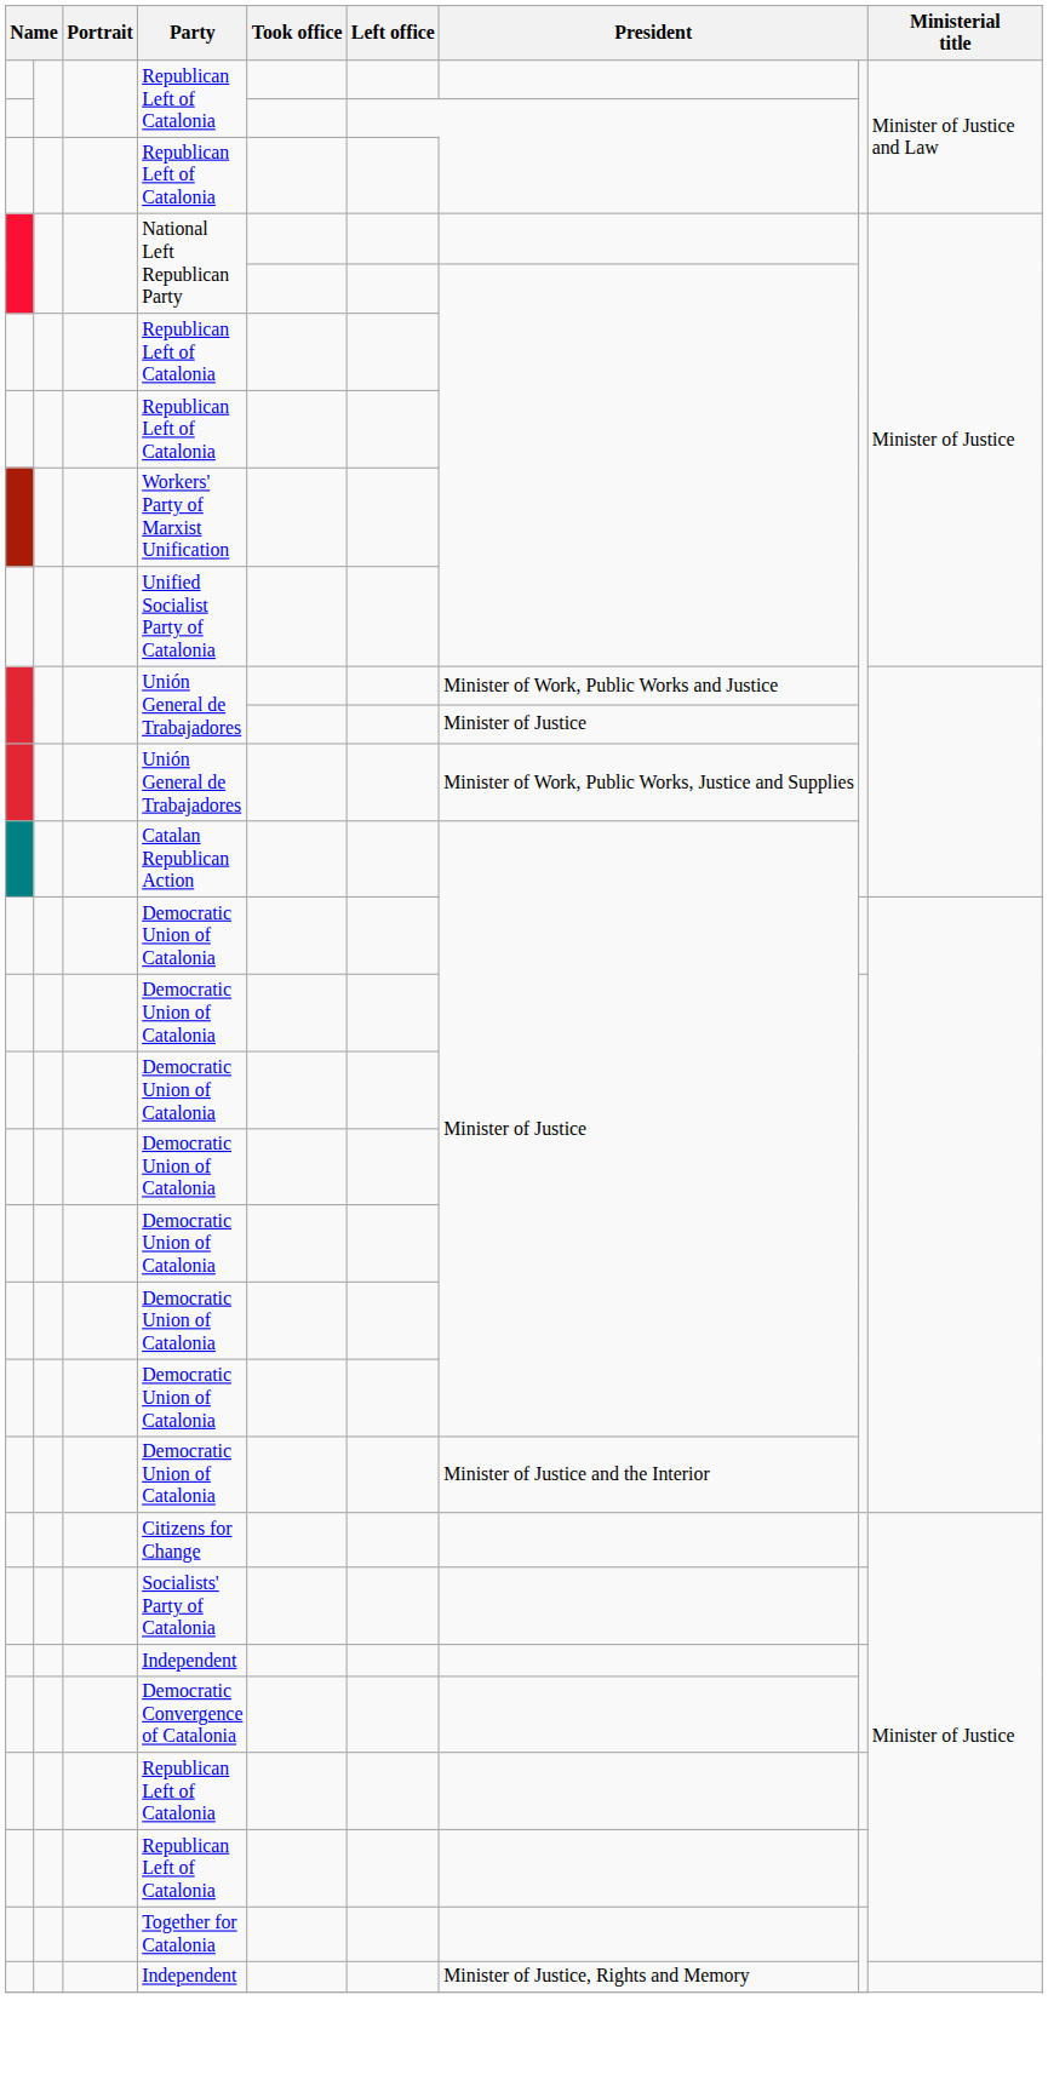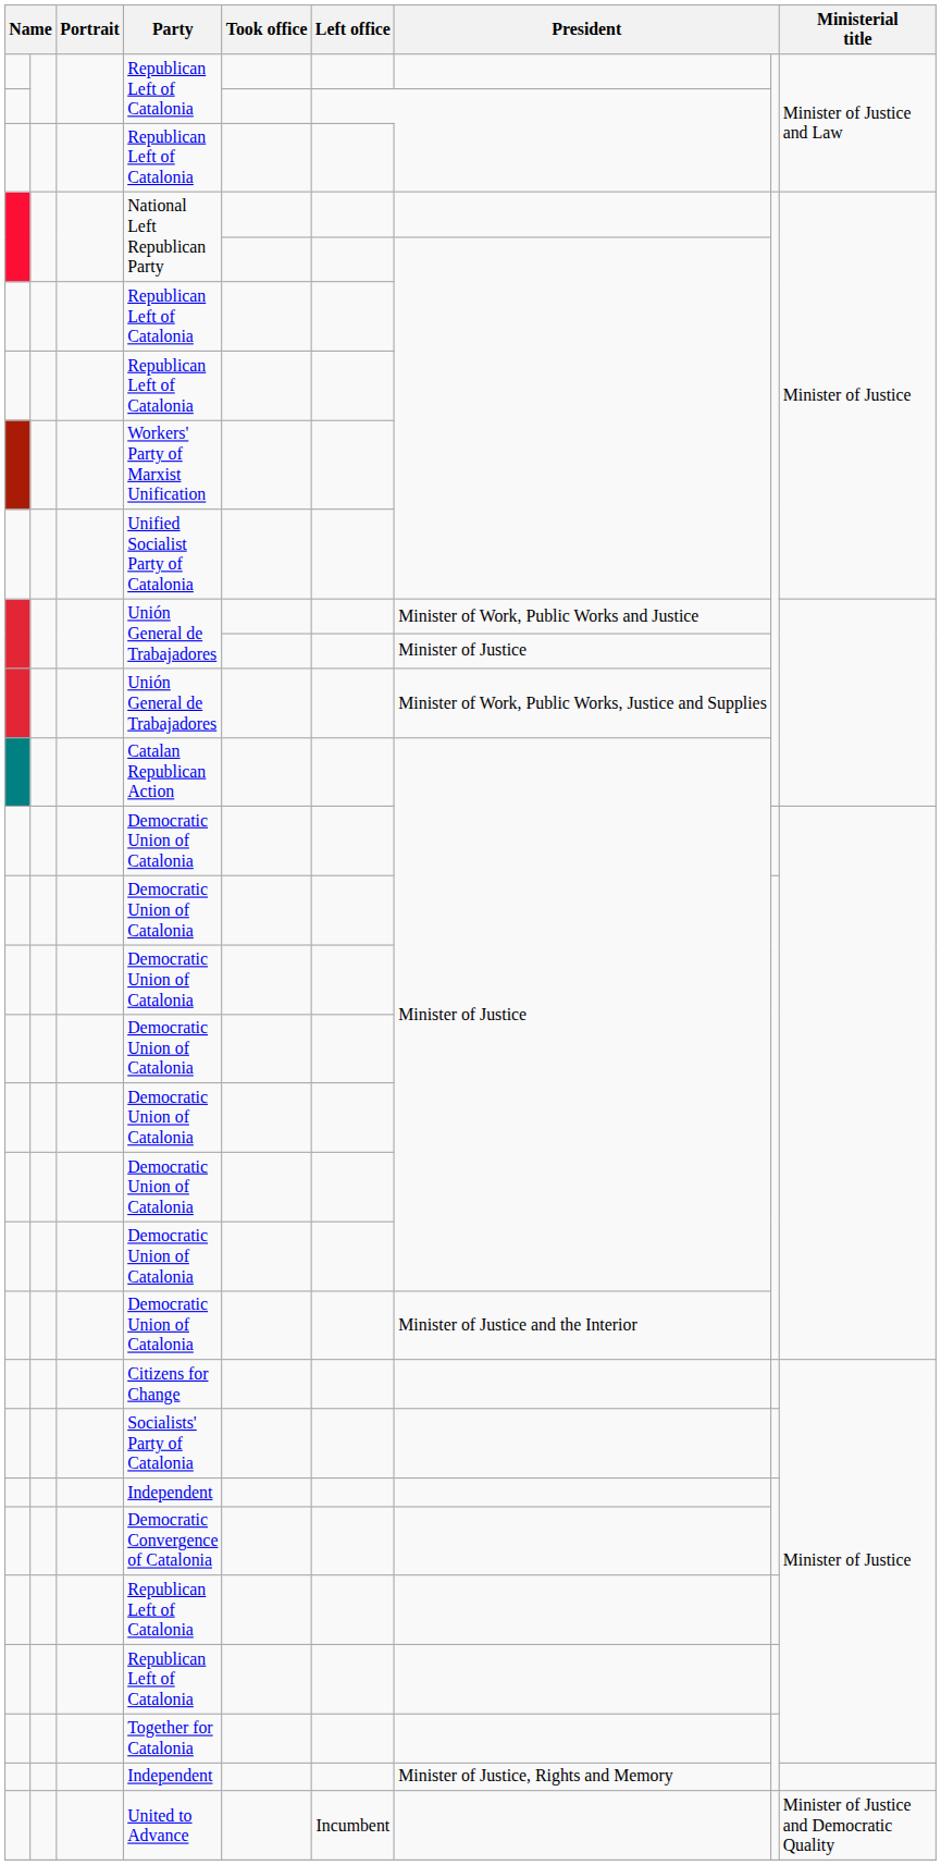 <table class="wikitable plainrowheaders sortable" style="font-size:90%; text-align:left;">
 <tr>
 <th scope=col colspan="2">Name</th>
 <th scope=col class=unsortable>Portrait</th>
 <th scope=col width=50px>Party</th>
 <th scope=col>Took office</th>
 <th scope=col>Left office</th>
 <th scope=col colspan="2">President</th>
 <th width=125px>Ministerial<br>title</th>
 </tr>
 <tr>
 <td !align="center" style="background:"></td>
 <td rowspan=2></td>
 <td align=center rowspan=2></td>
 <td rowspan=2><a href='#'>Republican Left of Catalonia</a></td>
 <td align=center></td>
 <td align=center></td>
 <td !align="center" style="background:"></td>
 <td rowspan=3></td>
 <td rowspan=3>Minister of Justice and Law</td>
 </tr>
 <tr>
 <td align=center></td>
 <td align=center></td>
 </tr>
 <tr>
 <td !align="center" style="background:"></td>
 <td></td>
 <td align=center></td>
 <td><a href='#'>Republican Left of Catalonia</a></td>
 <td align=center></td>
 <td align=center></td>
 </tr>
 <tr>
 <td !align="center" bgcolor="#fd0e35" rowspan=2></td>
 <td rowspan=2></td>
 <td align=center  rowspan=2></td>
 <td rowspan=2>National Left Republican Party</td>
 <td align=center></td>
 <td align=center></td>
 <td !align="center" style="background:"></td>
 <td rowspan=10></td>
 <td rowspan=6>Minister of Justice</td>
 </tr>
 <tr>
 <td align=center></td>
 <td align=center></td>
 </tr>
 <tr>
 <td !align="center" style="background:"></td>
 <td></td>
 <td align=center></td>
 <td><a href='#'>Republican Left of Catalonia</a></td>
 <td align=center></td>
 <td align=center></td>
 </tr>
 <tr>
 <td !align="center" style="background:"></td>
 <td></td>
 <td align=center></td>
 <td><a href='#'>Republican Left of Catalonia</a></td>
 <td align=center></td>
 <td align=center></td>
 </tr>
 <tr>
 <td !align="center" bgcolor="#a81c07"></td>
 <td></td>
 <td align=center></td>
 <td><a href='#'>Workers' Party of Marxist Unification</a></td>
 <td align=center></td>
 <td align=center></td>
 </tr>
 <tr>
 <td !align="center" style="background:"></td>
 <td></td>
 <td align=center></td>
 <td><a href='#'>Unified Socialist Party of Catalonia</a></td>
 <td align=center></td>
 <td align=center></td>
 </tr>
 <tr>
 <td !align="center" bgcolor="#e32636" rowspan=2></td>
 <td rowspan=2></td>
 <td align=center rowspan=2></td>
 <td rowspan=2><a href='#'>Unión General de Trabajadores</a></td>
 <td align=center></td>
 <td align=center></td>
 <td>Minister of Work, Public Works and Justice</td>
 </tr>
 <tr>
 <td align=center></td>
 <td align=center></td>
 <td>Minister of Justice</td>
 </tr>
 <tr>
 <td !align="center" bgcolor="#e32636"></td>
 <td></td>
 <td align=center></td>
 <td><a href='#'>Unión General de Trabajadores</a></td>
 <td align=center></td>
 <td align=center></td>
 <td>Minister of Work, Public Works, Justice and Supplies</td>
 </tr>
 <tr>
 <td !align="center" bgcolor="#008080"></td>
 <td></td>
 <td align=center></td>
 <td><a href='#'>Catalan Republican Action</a></td>
 <td align=center></td>
 <td align=center></td>
 <td rowspan=8>Minister of Justice</td>
 </tr>
 <tr>
 <td !align="center" style="background:"></td>
 <td></td>
 <td align=center></td>
 <td><a href='#'>Democratic Union of Catalonia</a></td>
 <td align=center></td>
 <td align=center></td>
 <td !align="center" style="background:"></td>
 <td rowspan=8></td>
 </tr>
 <tr>
 <td !align="center" style="background:"></td>
 <td></td>
 <td align=center></td>
 <td><a href='#'>Democratic Union of Catalonia</a></td>
 <td align=center></td>
 <td align=center></td>
 </tr>
 <tr>
 <td !align="center" style="background:"></td>
 <td></td>
 <td align=center></td>
 <td><a href='#'>Democratic Union of Catalonia</a></td>
 <td align=center></td>
 <td align=center></td>
 </tr>
 <tr>
 <td !align="center" style="background:"></td>
 <td></td>
 <td align=center></td>
 <td><a href='#'>Democratic Union of Catalonia</a></td>
 <td align=center></td>
 <td align=center></td>
 </tr>
 <tr>
 <td !align="center" style="background:"></td>
 <td></td>
 <td align=center></td>
 <td><a href='#'>Democratic Union of Catalonia</a></td>
 <td align=center></td>
 <td align=center></td>
 </tr>
 <tr>
 <td !align="center" style="background:"></td>
 <td></td>
 <td align=center></td>
 <td><a href='#'>Democratic Union of Catalonia</a></td>
 <td align=center></td>
 <td align=center></td>
 </tr>
 <tr>
 <td !align="center" style="background:"></td>
 <td></td>
 <td align=center></td>
 <td><a href='#'>Democratic Union of Catalonia</a></td>
 <td align=center></td>
 <td align=center></td>
 </tr>
 <tr>
 <td !align="center" style="background:"></td>
 <td></td>
 <td align=center></td>
 <td><a href='#'>Democratic Union of Catalonia</a></td>
 <td align=center></td>
 <td align=center></td>
 <td>Minister of Justice and the Interior</td>
 </tr>
 <tr>
 <td !align="center" style="background:"></td>
 <td></td>
 <td align=center></td>
 <td><a href='#'>Citizens for Change</a></td>
 <td align=center></td>
 <td align=center></td>
 <td !align="center" style="background:"></td>
 <td></td>
 <td rowspan="7">Minister of Justice<br></td>
 </tr>
 <tr>
 <td !align="center" style="background:"></td>
 <td></td>
 <td align=center></td>
 <td><a href='#'>Socialists' Party of Catalonia</a></td>
 <td align=center></td>
 <td align=center></td>
 <td !align="center" style="background:"></td>
 <td></td>
 </tr>
 <tr>
 <td !align="center" style="background:"></td>
 <td></td>
 <td align=center></td>
 <td><a href='#'>Independent</a></td>
 <td align=center></td>
 <td align=center></td>
 <td !align="center" style="background:"></td>
 <td rowspan=2></td>
 </tr>
 <tr>
 <td !align="center" style="background:"></td>
 <td></td>
 <td align=center></td>
 <td><a href='#'>Democratic Convergence of Catalonia</a></td>
 <td align=center></td>
 <td align=center></td>
 </tr>
 <tr>
 <td !align="center" style="background:"></td>
 <td></td>
 <td align=center></td>
 <td><a href='#'>Republican Left of Catalonia</a></td>
 <td align=center></td>
 <td align=center></td>
 <td !align="center" style="background:"></td>
 <td></td>
 </tr>
 <tr>
 <td !align="center" style="background:"></td>
 <td></td>
 <td align=center></td>
 <td><a href='#'>Republican Left of Catalonia</a></td>
 <td align=center></td>
 <td align=center></td>
 <td style="background:"></td>
 <td></td>
 </tr>
 <tr>
 <td !align="center" style="background:"></td>
 <td></td>
 <td align=center></td>
 <td><a href='#'>Together for Catalonia</a></td>
 <td align=center></td>
 <td align=center></td>
 <td !align="center" style="background:"></td>
 <td rowspan=2></td>
 </tr>
 <tr>
 <td !align="center" style="background:"></td>
 <td></td>
 <td align=center></td>
 <td><a href='#'>Independent</a></td>
 <td align=center></td>
 <td align=center></td>
 <td>Minister of Justice, Rights and Memory</td>
 </tr>
 <tr>
+<td !align="center" style="background:"></td>
+<td></td>
+<td align=center></td>
+<td><a href='#'>United to Advance</a></td>
+<td align=center></td>
+<td align=center>Incumbent</td>
+<td !align="center" style="background:"></td>
+<td></td>
+<td>Minister of Justice and Democratic Quality</td>
+</tr>
+<tr>
 </tr>
 </table>
